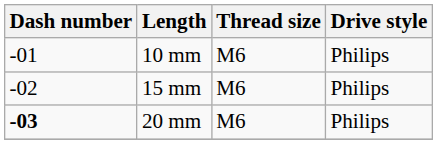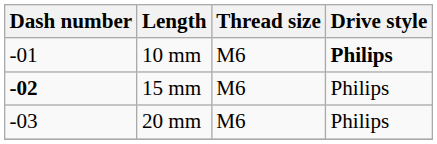 <table class=wikitable>
 <tr>
 <th>Dash number</th>
 <th>Length</th>
 <th>Thread size</th>
 <th>Drive style</th>
 </tr>
 <tr>
 <td>-01</td>
 <td>10 mm</td>
 <td>M6</td>
-<td>Philips</td>
+<td><strong>Philips</strong></td>
 </tr>
 <tr>
-<td>-02</td>
+<td><strong>-02</strong></td>
 <td>15 mm</td>
 <td>M6</td>
 <td>Philips</td>
 </tr>
 <tr>
-<td><strong>-03</strong></td>
+<td>-03</td>
 <td>20 mm</td>
 <td>M6</td>
 <td>Philips</td>
 </tr>
 <tr>
 </tr>
 </table>
